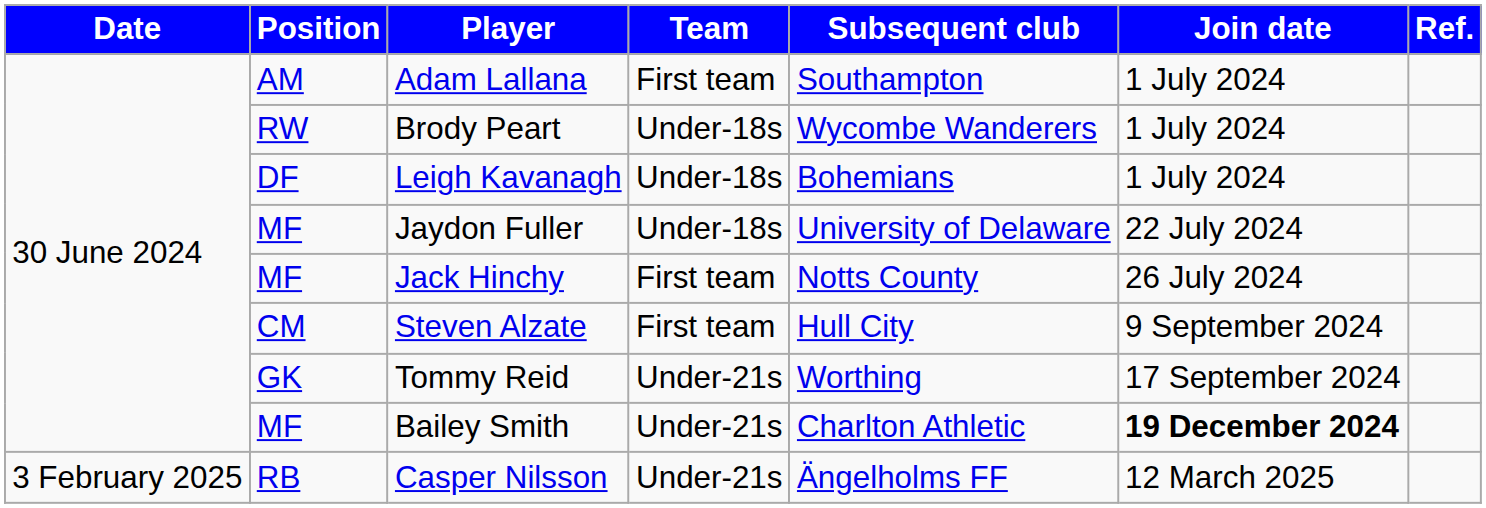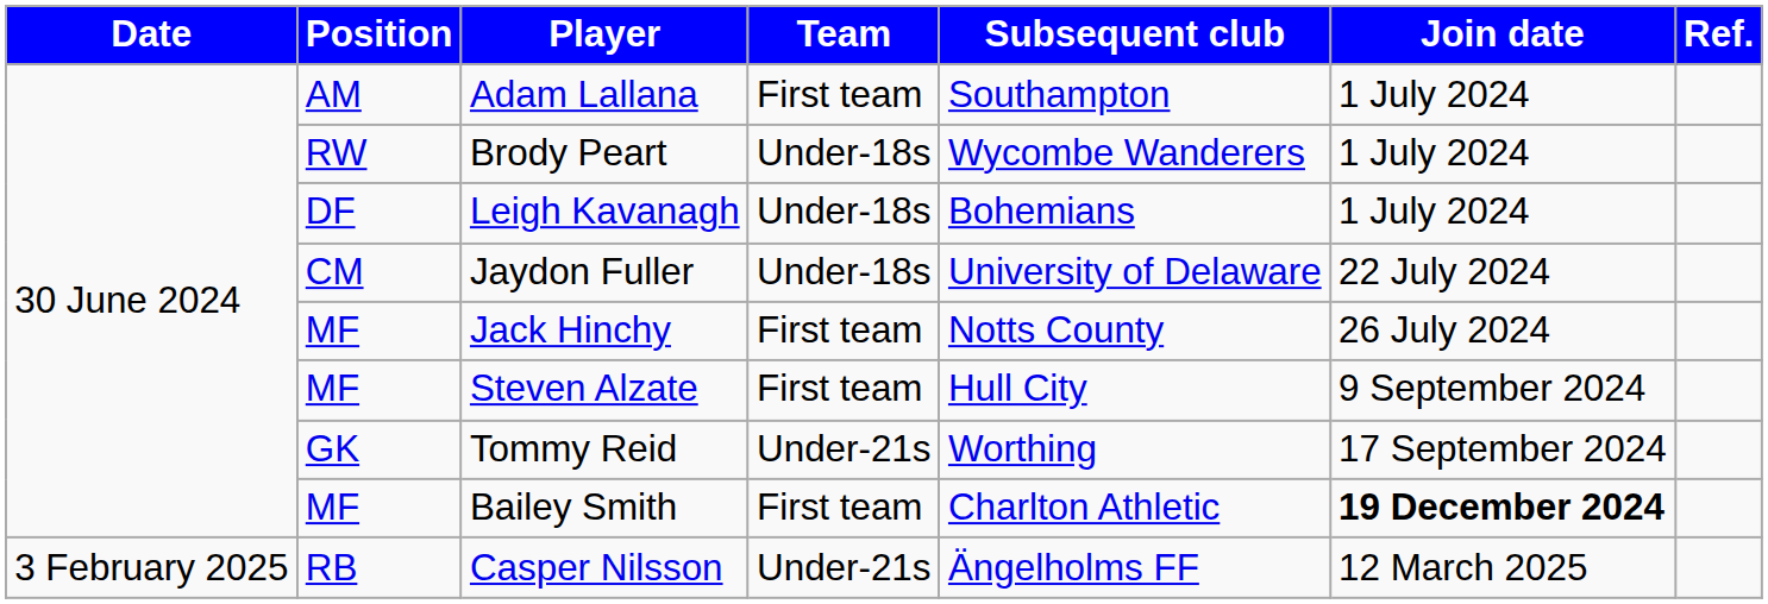 <table class="wikitable plainrowheaders sortable">
 <tr>
 <th style="background:#0000ff; color:#ffffff;">Date</th>
 <th style="background:#0000ff; color:#ffffff;">Position</th>
 <th style="background:#0000ff; color:#ffffff;">Player</th>
 <th style="background:#0000ff; color:#ffffff;">Team</th>
 <th style="background:#0000ff; color:#ffffff;">Subsequent club</th>
 <th style="background:#0000ff; color:#ffffff;">Join date</th>
 <th style="background:#0000ff; color:#ffffff;">Ref.</th>
 </tr>
 <tr>
 <td rowspan=8>30 June 2024</td>
 <td><a href='#'>AM</a></td>
 <td> <a href='#'>Adam Lallana</a></td>
 <td>First team</td>
 <td> <a href='#'>Southampton</a></td>
 <td>1 July 2024</td>
 <td></td>
 </tr>
 <tr>
 <td><a href='#'>RW</a></td>
 <td> Brody Peart</td>
 <td>Under-18s</td>
 <td> <a href='#'>Wycombe Wanderers</a></td>
 <td>1 July 2024</td>
 <td></td>
 </tr>
 <tr>
 <td><a href='#'>DF</a></td>
 <td> <a href='#'>Leigh Kavanagh</a></td>
 <td>Under-18s</td>
 <td> <a href='#'>Bohemians</a></td>
 <td>1 July 2024</td>
 <td></td>
 </tr>
 <tr>
-<td><a href='#'>MF</a></td>
+<td><a href='#'>CM</a></td>
 <td> Jaydon Fuller</td>
 <td>Under-18s</td>
 <td> <a href='#'>University of Delaware</a></td>
 <td>22 July 2024</td>
 <td></td>
 </tr>
 <tr>
 <td><a href='#'>MF</a></td>
 <td> <a href='#'>Jack Hinchy</a></td>
 <td>First team</td>
 <td> <a href='#'>Notts County</a></td>
 <td>26 July 2024</td>
 <td></td>
 </tr>
 <tr>
-<td><a href='#'>CM</a></td>
+<td><a href='#'>MF</a></td>
 <td> <a href='#'>Steven Alzate</a></td>
 <td>First team</td>
 <td> <a href='#'>Hull City</a></td>
 <td>9 September 2024</td>
 <td></td>
 </tr>
 <tr>
 <td><a href='#'>GK</a></td>
 <td> Tommy Reid</td>
 <td>Under-21s</td>
 <td> <a href='#'>Worthing</a></td>
 <td>17 September 2024</td>
 <td></td>
 </tr>
 <tr>
 <td><a href='#'>MF</a></td>
 <td> Bailey Smith</td>
-<td>Under-21s</td>
+<td>First team</td>
 <td> <a href='#'>Charlton Athletic</a></td>
 <td><strong>19 December 2024</strong></td>
 <td></td>
 </tr>
 <tr>
 <td>3 February 2025</td>
 <td><a href='#'>RB</a></td>
 <td> <a href='#'>Casper Nilsson</a></td>
 <td>Under-21s</td>
 <td> <a href='#'>Ängelholms FF</a></td>
 <td>12 March 2025</td>
 <td></td>
 </tr>
 </table>
